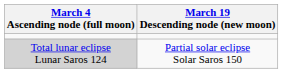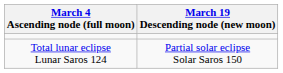 <table class="wikitable">
 <tr>
 <th><a href='#'>March 4</a><br>Ascending node (full moon)<br></th>
 <th><a href='#'>March 19</a><br>Descending node (new moon)<br></th>
 </tr>
 <tr>
 <td></td>
 <td></td>
 </tr>
 <tr align=center>
-<td style="background: lightgrey;"><a href='#'>Total lunar eclipse</a><br>Lunar Saros 124</td>
+<td><a href='#'>Total lunar eclipse</a><br>Lunar Saros 124</td>
 <td><a href='#'>Partial solar eclipse</a><br>Solar Saros 150</td>
 </tr>
 </table>
